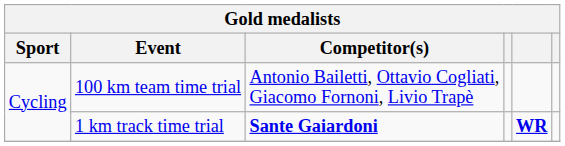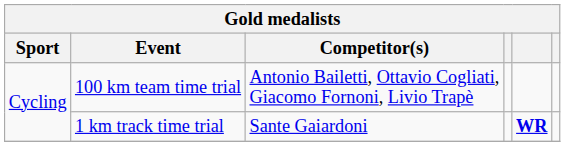 <table class="wikitable">
 <tr>
 <th colspan="6">Gold medalists</th>
 </tr>
 <tr>
 <th>Sport</th>
 <th>Event</th>
 <th>Competitor(s)</th>
 <th></th>
 <th></th>
 <th></th>
 </tr>
 <tr>
 <td rowspan="2"><a href='#'>Cycling</a></td>
 <td><a href='#'>100 km team time trial</a></td>
 <td><a href='#'>Antonio Bailetti</a>, <a href='#'>Ottavio Cogliati</a>,<br><a href='#'>Giacomo Fornoni</a>, <a href='#'>Livio Trapè</a></td>
 <td></td>
 <td></td>
 <td></td>
 </tr>
 <tr>
 <td><a href='#'>1 km track time trial</a></td>
-<td><strong><a href='#'>Sante Gaiardoni</a></strong></td>
+<td><a href='#'>Sante Gaiardoni</a></td>
 <td></td>
 <td><strong><a href='#'>WR</a></strong></td>
 <td></td>
 </tr>
 <tr>
 </tr>
 </table>
